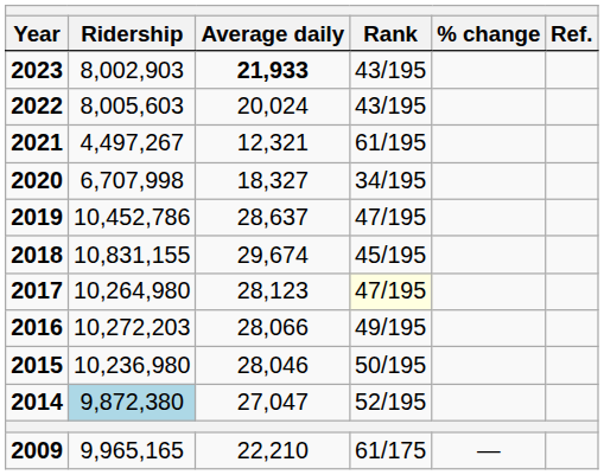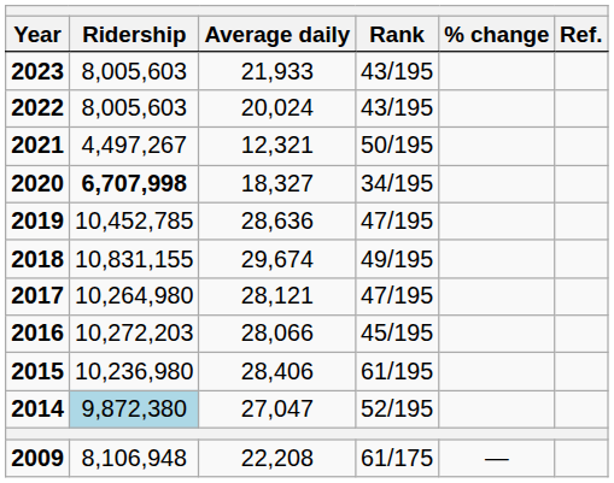 <table class="wikitable sortable" style="text-align:right;">
 <tr>
 <th colspan="6" style="background-color:#"></th>
 </tr>
 <tr style="font-size:95%; text-align:center">
 <th style="border-bottom:1px solid black">Year</th>
 <th style="border-bottom:1px solid black">Ridership</th>
 <th style="border-bottom:1px solid black">Average daily</th>
 <th style="border-bottom:1px solid black">Rank</th>
 <th style="border-bottom:1px solid black">% change</th>
 <th style="border-bottom:1px solid black">Ref.</th>
 </tr>
 <tr style="text-align:center;">
 <td><strong>2023</strong></td>
-<td>8,002,903</td>
-<td><strong>21,933</strong></td>
+<td>8,005,603</td>
+<td>21,933</td>
 <td>43/195</td>
 <td></td>
 <td></td>
 </tr>
 <tr style="text-align:center;">
 <td><strong>2022</strong></td>
 <td>8,005,603</td>
 <td>20,024</td>
 <td>43/195</td>
 <td></td>
 <td></td>
 </tr>
 <tr style="text-align:center;">
 <td><strong>2021</strong></td>
 <td>4,497,267</td>
 <td>12,321</td>
-<td>61/195</td>
+<td>50/195</td>
 <td></td>
 <td></td>
 </tr>
 <tr style="text-align:center;">
 <td><strong>2020</strong></td>
-<td>6,707,998</td>
+<td><strong>6,707,998</strong></td>
 <td>18,327</td>
 <td>34/195</td>
 <td></td>
 <td></td>
 </tr>
 <tr style="text-align:center;">
 <td><strong>2019</strong></td>
-<td>10,452,786</td>
-<td>28,637</td>
+<td>10,452,785</td>
+<td>28,636</td>
 <td>47/195</td>
 <td></td>
 <td></td>
 </tr>
 <tr style="text-align:center;">
 <td><strong>2018</strong></td>
 <td>10,831,155</td>
 <td>29,674</td>
-<td>45/195</td>
+<td>49/195</td>
 <td></td>
 <td></td>
 </tr>
 <tr style="text-align:center;">
 <td><strong>2017</strong></td>
 <td>10,264,980</td>
-<td>28,123</td>
-<td style="background: lightyellow;">47/195</td>
+<td>28,121</td>
+<td>47/195</td>
 <td></td>
 <td></td>
 </tr>
 <tr style="text-align:center;">
 <td><strong>2016</strong></td>
 <td>10,272,203</td>
 <td>28,066</td>
-<td>49/195</td>
+<td>45/195</td>
 <td></td>
 <td></td>
 </tr>
 <tr style="text-align:center;">
 <td><strong>2015</strong></td>
 <td>10,236,980</td>
-<td>28,046</td>
-<td>50/195</td>
+<td>28,406</td>
+<td>61/195</td>
 <td></td>
 <td></td>
 </tr>
 <tr style="text-align:center;">
 <td><strong>2014</strong></td>
 <td style="background: lightblue;">9,872,380</td>
 <td>27,047</td>
 <td>52/195</td>
 <td></td>
 <td></td>
 </tr>
 <tr>
 <th colspan="6" style="background-color:#"></th>
 </tr>
 <tr style="text-align:center;">
 <td><strong>2009</strong></td>
-<td>9,965,165</td>
-<td>22,210</td>
+<td>8,106,948</td>
+<td>22,208</td>
 <td>61/175</td>
 <td>—</td>
 <td></td>
 </tr>
 </table>
